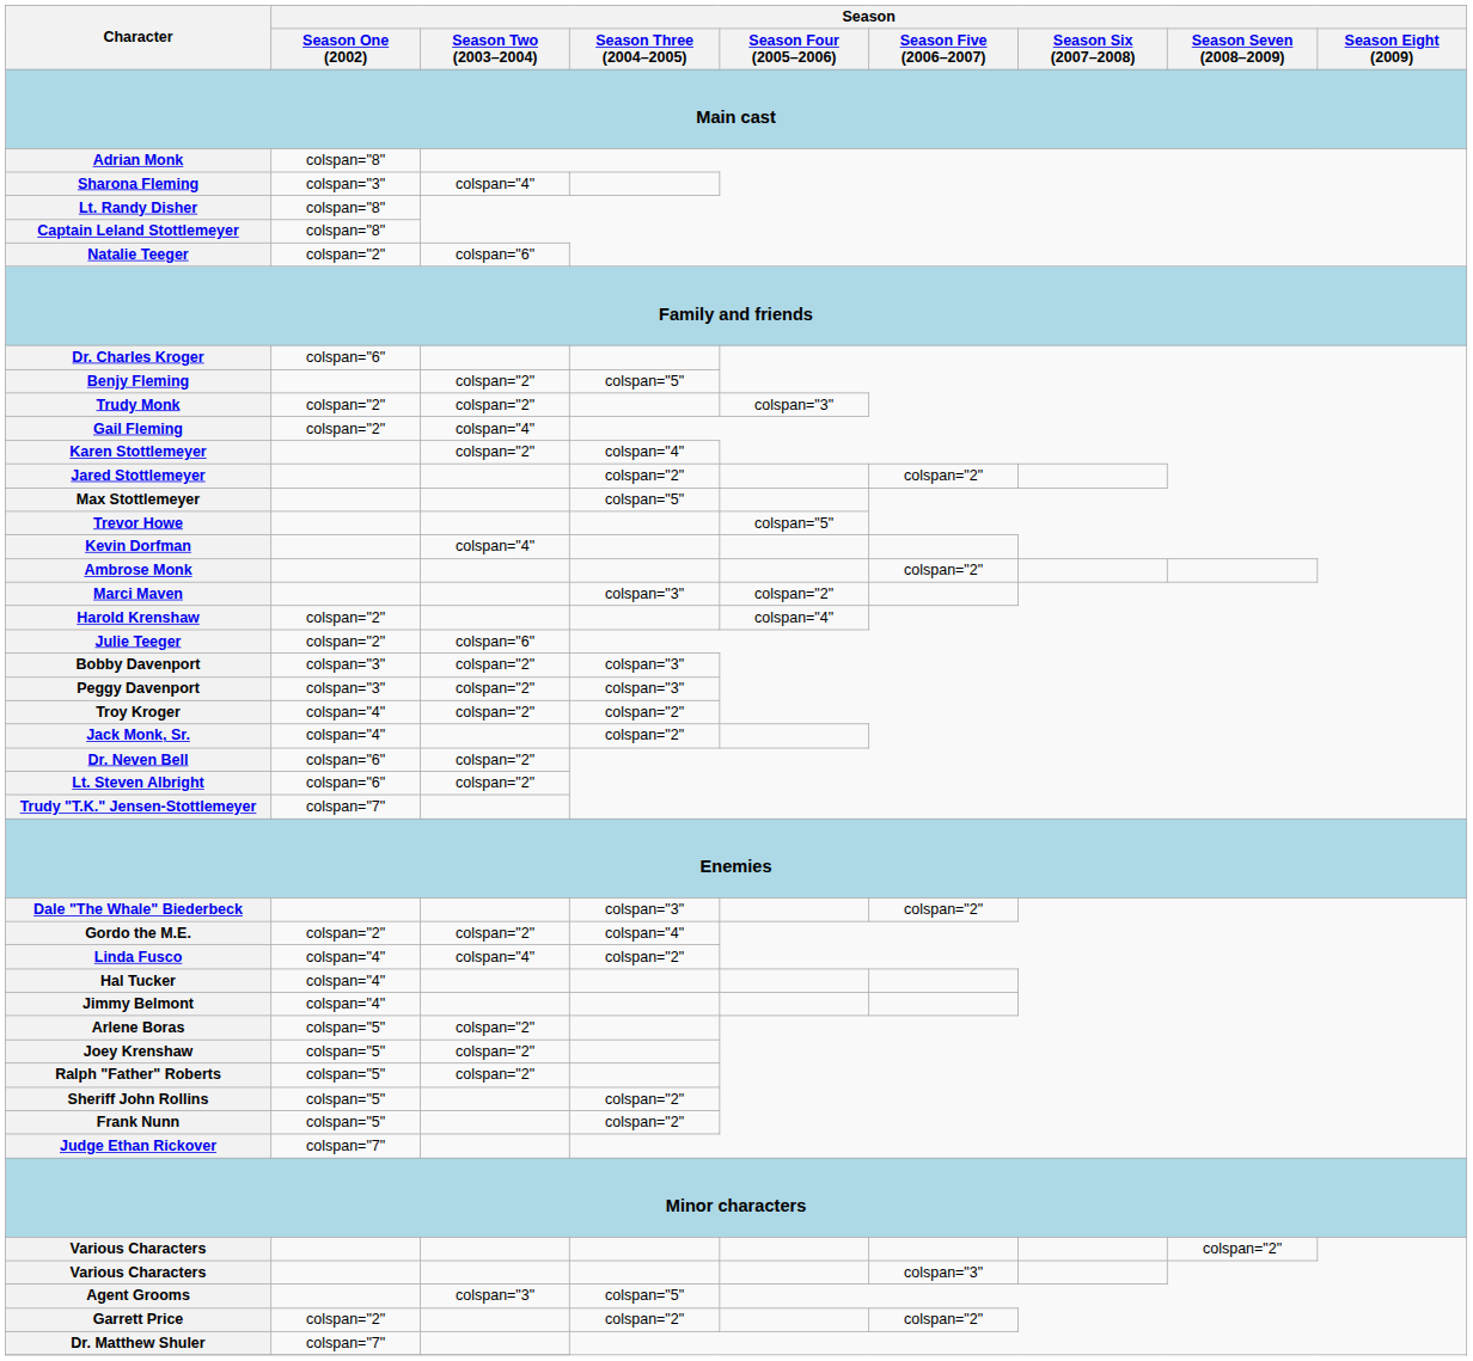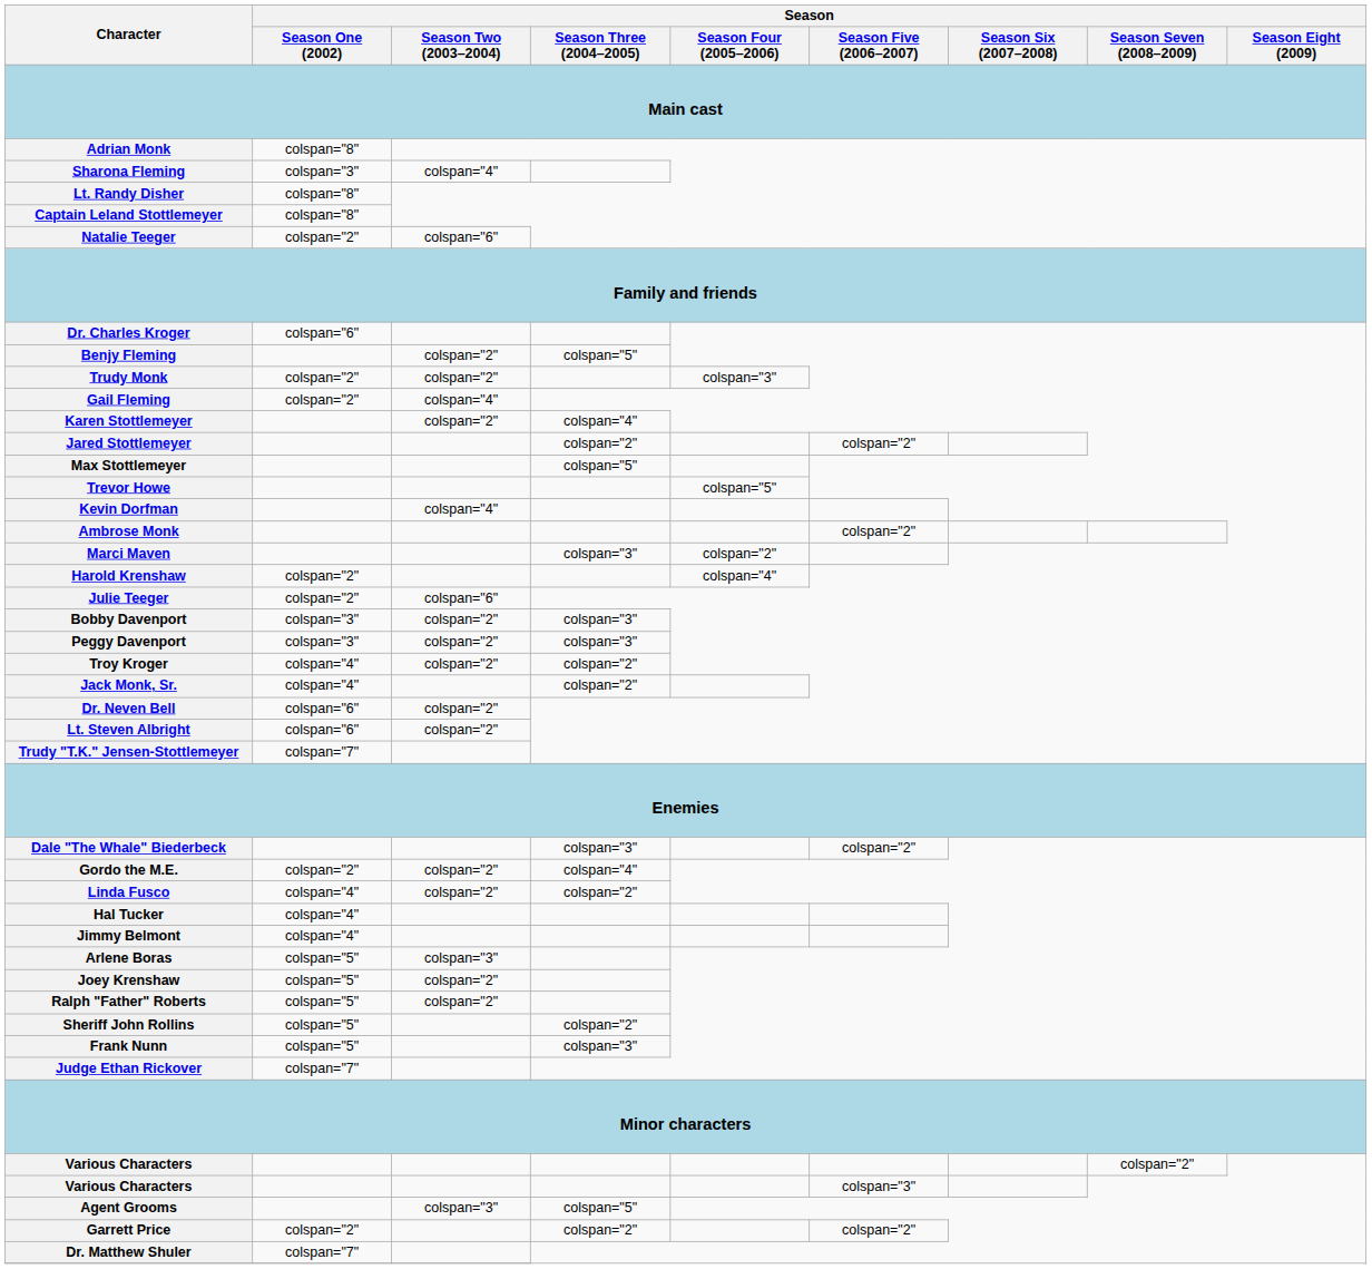 <table class="wikitable" style="text-align:center">
 <tr>
 <th rowspan="2" width="16%">Character</th>
 <th colspan="8" align="center">Season</th>
 </tr>
 <tr>
 <th align="center" width="9%"><a href='#'>Season One</a><br>(2002)</th>
 <th align="center" width="9%"><a href='#'>Season Two</a><br>(2003–2004)</th>
 <th align="center" width="9%"><a href='#'>Season Three</a><br>(2004–2005)</th>
 <th align="center" width="9%"><a href='#'>Season Four</a><br>(2005–2006)</th>
 <th align="center" width="9%"><a href='#'>Season Five</a><br>(2006–2007)</th>
 <th align="center" width="9%"><a href='#'>Season Six</a><br>(2007–2008)</th>
 <th align="center" width="9%"><a href='#'>Season Seven</a><br>(2008–2009)</th>
 <th align="center" width="9%"><a href='#'>Season Eight</a><br>(2009)</th>
 </tr>
 <tr>
 <th colspan="9" style="background-color:lightblue;"><br><h3>Main cast</h3></th>
 </tr>
 <tr>
 <th><a href='#'>Adrian Monk</a></th>
 <td>colspan="8" </td>
 </tr>
 <tr>
 <th><a href='#'>Sharona Fleming</a></th>
 <td>colspan="3" </td>
 <td>colspan="4" </td>
 <td></td>
 </tr>
 <tr>
 <th><a href='#'>Lt. Randy Disher</a></th>
 <td>colspan="8" </td>
 </tr>
 <tr>
 <th><a href='#'>Captain Leland Stottlemeyer</a></th>
 <td>colspan="8" </td>
 </tr>
 <tr>
 <th><a href='#'>Natalie Teeger</a></th>
 <td>colspan="2" </td>
 <td>colspan="6" </td>
 </tr>
 <tr>
 <th colspan="9" style="background-color:lightblue;"><br><h3>Family and friends</h3></th>
 </tr>
 <tr>
 <th><a href='#'>Dr. Charles Kroger</a></th>
 <td>colspan="6" </td>
 <td></td>
 <td></td>
 </tr>
 <tr>
 <th><a href='#'>Benjy Fleming</a></th>
 <td></td>
 <td>colspan="2" </td>
 <td>colspan="5" </td>
 </tr>
 <tr>
 <th><a href='#'>Trudy Monk</a></th>
 <td>colspan="2" </td>
 <td>colspan="2" </td>
 <td></td>
 <td>colspan="3" </td>
 </tr>
 <tr>
 <th><a href='#'>Gail Fleming</a></th>
 <td>colspan="2" </td>
 <td>colspan="4" </td>
 </tr>
 <tr>
 <th><a href='#'>Karen Stottlemeyer</a></th>
 <td></td>
 <td>colspan="2" </td>
 <td>colspan="4" </td>
 </tr>
 <tr>
 <th><a href='#'>Jared Stottlemeyer</a></th>
 <td></td>
 <td></td>
 <td>colspan="2" </td>
 <td></td>
 <td>colspan="2" </td>
 <td></td>
 </tr>
 <tr>
 <th>Max Stottlemeyer</th>
 <td></td>
 <td></td>
 <td>colspan="5" </td>
 <td></td>
 </tr>
 <tr>
 <th><a href='#'>Trevor Howe</a></th>
 <td></td>
 <td></td>
 <td></td>
 <td>colspan="5" </td>
 </tr>
 <tr>
 <th><a href='#'>Kevin Dorfman</a></th>
 <td></td>
 <td>colspan="4" </td>
 <td></td>
 <td></td>
 <td></td>
 </tr>
 <tr>
 <th><a href='#'>Ambrose Monk</a></th>
 <td></td>
 <td></td>
 <td></td>
 <td></td>
 <td>colspan="2" </td>
 <td></td>
 <td></td>
 </tr>
 <tr>
 <th><a href='#'>Marci Maven</a></th>
 <td></td>
 <td></td>
 <td>colspan="3" </td>
 <td>colspan="2" </td>
 <td></td>
 </tr>
 <tr>
 <th><a href='#'>Harold Krenshaw</a></th>
 <td>colspan="2" </td>
 <td></td>
 <td></td>
 <td>colspan="4" </td>
 </tr>
 <tr>
 <th><a href='#'>Julie Teeger</a></th>
 <td>colspan="2" </td>
 <td>colspan="6" </td>
 </tr>
 <tr>
 <th>Bobby Davenport</th>
 <td>colspan="3" </td>
 <td>colspan="2" </td>
 <td>colspan="3" </td>
 </tr>
 <tr>
 <th>Peggy Davenport</th>
 <td>colspan="3" </td>
 <td>colspan="2" </td>
 <td>colspan="3" </td>
 </tr>
 <tr>
 <th>Troy Kroger</th>
 <td>colspan="4" </td>
 <td>colspan="2" </td>
 <td>colspan="2" </td>
 </tr>
 <tr>
 <th><a href='#'>Jack Monk, Sr.</a></th>
 <td>colspan="4" </td>
 <td></td>
 <td>colspan="2" </td>
 <td></td>
 </tr>
 <tr>
 <th><a href='#'>Dr. Neven Bell</a></th>
 <td>colspan="6" </td>
 <td>colspan="2" </td>
 </tr>
 <tr>
 <th><a href='#'>Lt. Steven Albright</a></th>
 <td>colspan="6" </td>
 <td>colspan="2" </td>
 </tr>
 <tr>
 <th><a href='#'>Trudy "T.K." Jensen-Stottlemeyer</a></th>
 <td>colspan="7" </td>
 <td></td>
 </tr>
 <tr>
 <th colspan="9" style="background-color:lightblue;"><br><h3>Enemies</h3></th>
 </tr>
 <tr>
 <th><a href='#'>Dale "The Whale" Biederbeck</a></th>
 <td></td>
 <td></td>
 <td>colspan="3" </td>
 <td></td>
 <td>colspan="2" </td>
 </tr>
 <tr>
 <th>Gordo the M.E.</th>
 <td>colspan="2" </td>
 <td>colspan="2" </td>
 <td>colspan="4" </td>
 </tr>
 <tr>
 <th><a href='#'>Linda Fusco</a></th>
 <td>colspan="4" </td>
-<td>colspan="4" </td>
+<td>colspan="2" </td>
 <td>colspan="2" </td>
 </tr>
 <tr>
 <th>Hal Tucker</th>
 <td>colspan="4" </td>
 <td></td>
 <td></td>
 <td></td>
 <td></td>
 </tr>
 <tr>
 <th>Jimmy Belmont</th>
 <td>colspan="4" </td>
 <td></td>
 <td></td>
 <td></td>
 <td></td>
 </tr>
 <tr>
 <th>Arlene Boras</th>
 <td>colspan="5" </td>
-<td>colspan="2" </td>
+<td>colspan="3" </td>
 <td></td>
 </tr>
 <tr>
 <th>Joey Krenshaw</th>
 <td>colspan="5" </td>
 <td>colspan="2" </td>
 <td></td>
 </tr>
 <tr>
 <th>Ralph "Father" Roberts</th>
 <td>colspan="5" </td>
 <td>colspan="2" </td>
 <td></td>
 </tr>
 <tr>
 <th>Sheriff John Rollins</th>
 <td>colspan="5" </td>
 <td></td>
 <td>colspan="2" </td>
 </tr>
 <tr>
 <th>Frank Nunn</th>
 <td>colspan="5" </td>
 <td></td>
-<td>colspan="2" </td>
+<td>colspan="3" </td>
 </tr>
 <tr>
 <th><a href='#'>Judge Ethan Rickover</a></th>
 <td>colspan="7" </td>
 <td></td>
 </tr>
 <tr>
 <th colspan="9" style="background-color:lightblue;"><br><h3>Minor characters</h3></th>
 </tr>
 <tr>
 <th>Various Characters</th>
 <td></td>
 <td></td>
 <td></td>
 <td></td>
 <td></td>
 <td></td>
 <td>colspan="2" </td>
 </tr>
 <tr>
 <th>Various Characters</th>
 <td></td>
 <td></td>
 <td></td>
 <td></td>
 <td>colspan="3" </td>
 <td></td>
 </tr>
 <tr>
 <th>Agent Grooms</th>
 <td></td>
 <td>colspan="3" </td>
 <td>colspan="5" </td>
 </tr>
 <tr>
 <th>Garrett Price</th>
 <td>colspan="2" </td>
 <td></td>
 <td>colspan="2" </td>
 <td></td>
 <td>colspan="2" </td>
 </tr>
 <tr>
 <th>Dr. Matthew Shuler</th>
 <td>colspan="7" </td>
 <td></td>
 </tr>
 <tr>
 </tr>
 </table>
